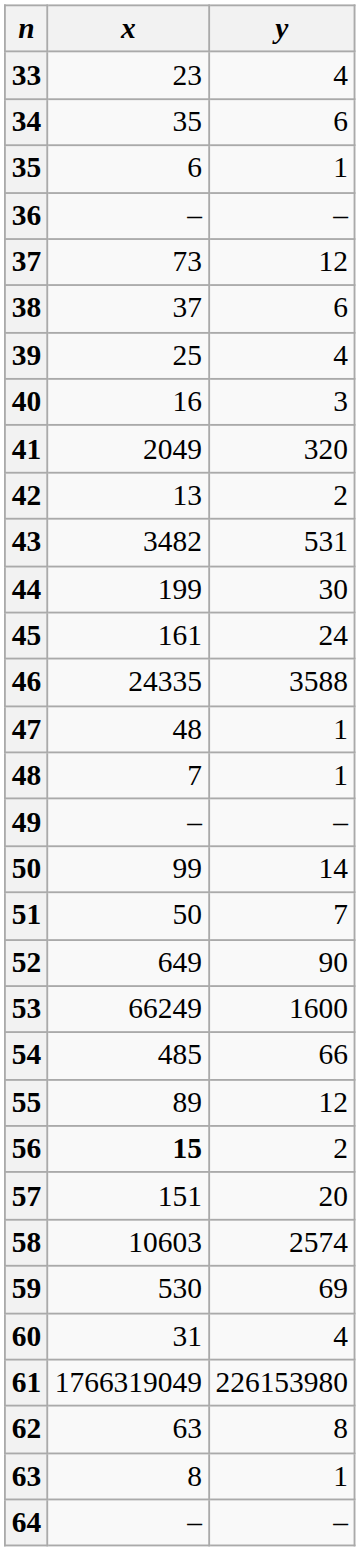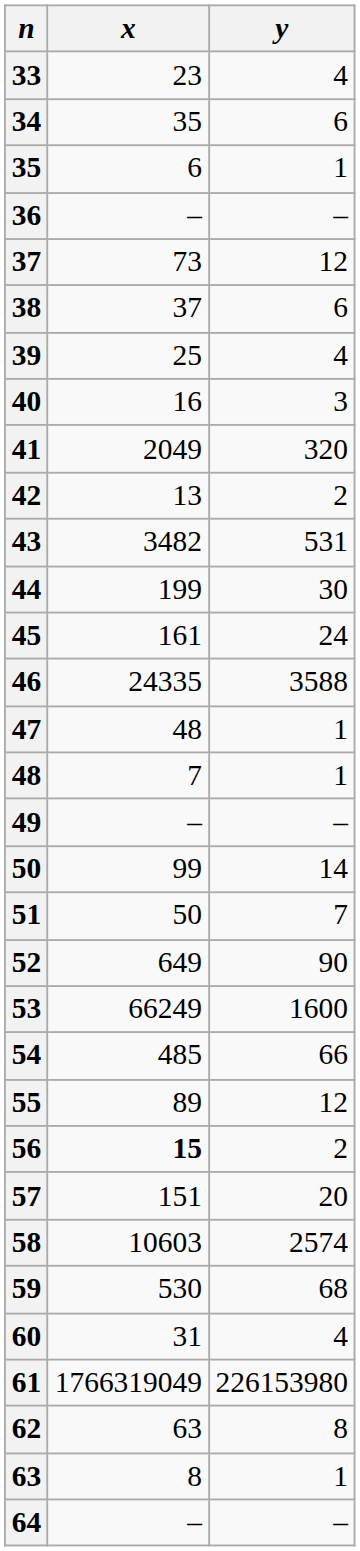 <table class="wikitable" style="text-align: right; display: inline-table;">
 <tr>
 <th><em>n</em></th>
 <th><em>x</em></th>
 <th><em>y</em></th>
 </tr>
 <tr>
 <th>33</th>
 <td>23</td>
 <td>4</td>
 </tr>
 <tr>
 <th>34</th>
 <td>35</td>
 <td>6</td>
 </tr>
 <tr>
 <th>35</th>
 <td>6</td>
 <td>1</td>
 </tr>
 <tr>
 <th>36</th>
 <td>–</td>
 <td>–</td>
 </tr>
 <tr>
 <th>37</th>
 <td>73</td>
 <td>12</td>
 </tr>
 <tr>
 <th>38</th>
 <td>37</td>
 <td>6</td>
 </tr>
 <tr>
 <th>39</th>
 <td>25</td>
 <td>4</td>
 </tr>
 <tr>
 <th>40</th>
 <td>16</td>
 <td>3</td>
 </tr>
 <tr>
 <th>41</th>
 <td>2049</td>
 <td>320</td>
 </tr>
 <tr>
 <th>42</th>
 <td>13</td>
 <td>2</td>
 </tr>
 <tr>
 <th>43</th>
 <td>3482</td>
 <td>531</td>
 </tr>
 <tr>
 <th>44</th>
 <td>199</td>
 <td>30</td>
 </tr>
 <tr>
 <th>45</th>
 <td>161</td>
 <td>24</td>
 </tr>
 <tr>
 <th>46</th>
 <td>24335</td>
 <td>3588</td>
 </tr>
 <tr>
 <th>47</th>
 <td>48</td>
 <td>1</td>
 </tr>
 <tr>
 <th>48</th>
 <td>7</td>
 <td>1</td>
 </tr>
 <tr>
 <th>49</th>
 <td>–</td>
 <td>–</td>
 </tr>
 <tr>
 <th>50</th>
 <td>99</td>
 <td>14</td>
 </tr>
 <tr>
 <th>51</th>
 <td>50</td>
 <td>7</td>
 </tr>
 <tr>
 <th>52</th>
 <td>649</td>
 <td>90</td>
 </tr>
 <tr>
 <th>53</th>
 <td>66249</td>
 <td>1600</td>
 </tr>
 <tr>
 <th>54</th>
 <td>485</td>
 <td>66</td>
 </tr>
 <tr>
 <th>55</th>
 <td>89</td>
 <td>12</td>
 </tr>
 <tr>
 <th>56</th>
 <td><strong>15</strong></td>
 <td>2</td>
 </tr>
 <tr>
 <th>57</th>
 <td>151</td>
 <td>20</td>
 </tr>
 <tr>
 <th>58</th>
 <td>10603</td>
 <td>2574</td>
 </tr>
 <tr>
 <th>59</th>
 <td>530</td>
-<td>69</td>
+<td>68</td>
 </tr>
 <tr>
 <th>60</th>
 <td>31</td>
 <td>4</td>
 </tr>
 <tr>
 <th>61</th>
 <td>1766319049</td>
 <td>226153980</td>
 </tr>
 <tr>
 <th>62</th>
 <td>63</td>
 <td>8</td>
 </tr>
 <tr>
 <th>63</th>
 <td>8</td>
 <td>1</td>
 </tr>
 <tr>
 <th>64</th>
 <td>–</td>
 <td>–</td>
 </tr>
 </table>
